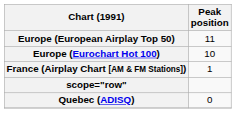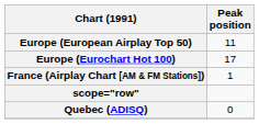 <table class="wikitable sortable plainrowheaders">
 <tr>
 <th>Chart (1991)</th>
 <th>Peak<br>position</th>
 </tr>
 <tr>
 <th scope="row">Europe (European Airplay Top 50)</th>
 <td align="center">11</td>
 </tr>
 <tr>
 <th scope="row">Europe (<a href='#'>Eurochart Hot 100</a>)</th>
-<td align="center">10</td>
+<td align="center">17</td>
 </tr>
 <tr>
 <th scope="row">France (Airplay Chart <small>[AM & FM Stations]</small>)</th>
 <td align="center">1</td>
 </tr>
 <tr>
 <th>scope="row"</th>
 </tr>
 <tr>
 <th scope="row">Quebec (<a href='#'>ADISQ</a>)</th>
 <td align="center">0</td>
 </tr>
 <tr>
 </tr>
 </table>
